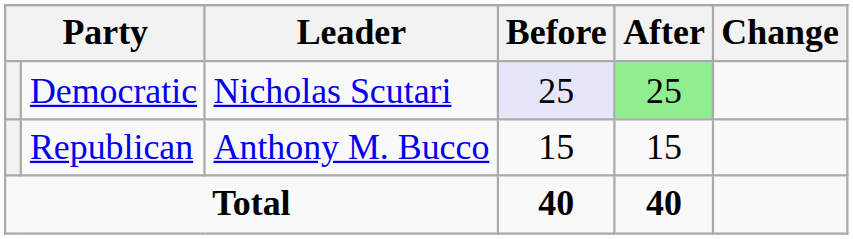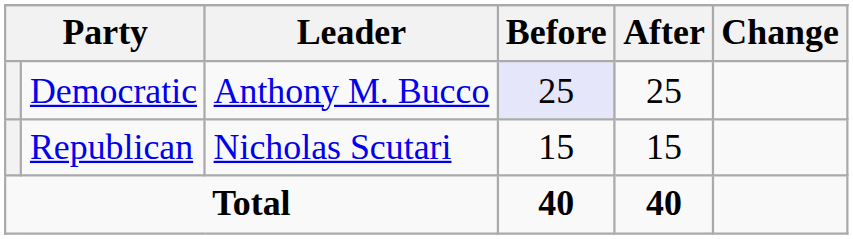 <table class="wikitable" style="text-align:center;">
 <tr>
 </tr>
 <tr>
 <th colspan=2>Party</th>
 <th>Leader</th>
 <th>Before</th>
 <th>After</th>
 <th>Change</th>
 </tr>
 <tr>
 <th style="background-color:"></th>
 <td style="text-align:left;"><a href='#'>Democratic</a></td>
-<td style="text-align:left;"><a href='#'>Nicholas Scutari</a></td>
+<td style="text-align:left;"><a href='#'>Anthony M. Bucco</a></td>
 <td style="background: lavender;">25</td>
-<td style="background: lightgreen;">25</td>
+<td>25</td>
 <td></td>
 </tr>
 <tr>
 <th style="background-color:"></th>
 <td style="text-align:left;"><a href='#'>Republican</a></td>
-<td style="text-align:left;"><a href='#'>Anthony M. Bucco</a></td>
+<td style="text-align:left;"><a href='#'>Nicholas Scutari</a></td>
 <td>15</td>
 <td>15</td>
 <td></td>
 </tr>
 <tr>
 <td colspan=3><strong>Total</strong></td>
 <td><strong>40</strong></td>
 <td><strong>40</strong></td>
 </tr>
 </table>
